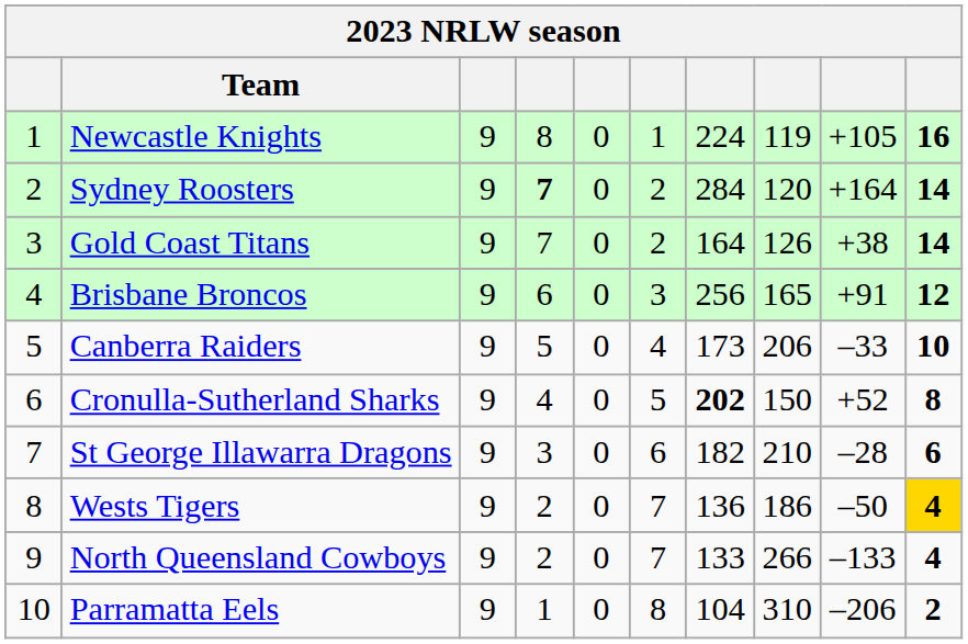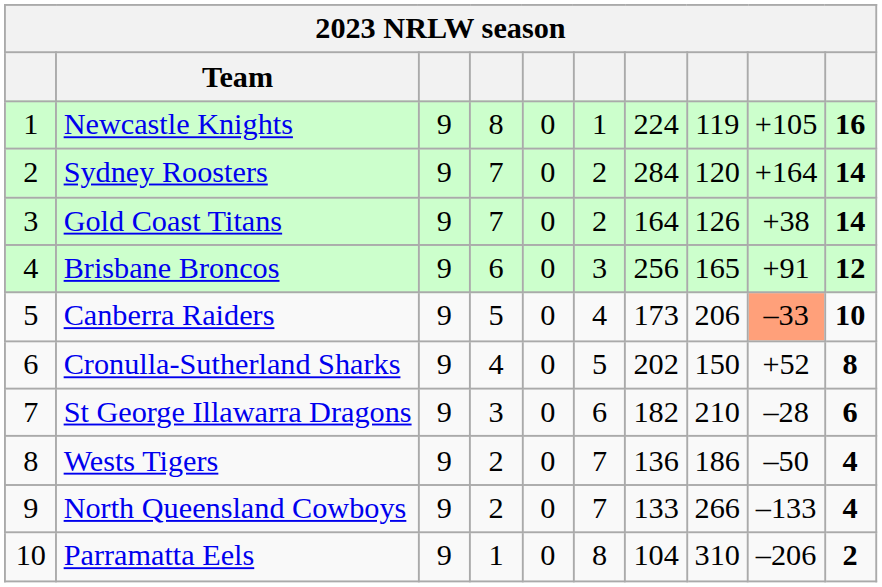 <table class="wikitable" style="text-align:center;">
 <tr>
 <th colspan="11">2023 NRLW season</th>
 </tr>
 <tr>
 <th width="20"></th>
 <th>Team</th>
 <th width="20"></th>
 <th width="20"></th>
 <th width="20"></th>
 <th width="20"></th>
 <th width="25"></th>
 <th width="25"></th>
 <th width="30"></th>
 <th width="20"></th>
 </tr>
 <tr style="background: #ccffcc;">
 <td>1</td>
 <td align=left> <a href='#'>Newcastle Knights</a></td>
 <td>9</td>
 <td>8</td>
 <td>0</td>
 <td>1</td>
 <td>224</td>
 <td>119</td>
 <td>+105</td>
 <td><strong>16</strong></td>
 </tr>
 <tr style="background: #ccffcc;">
 <td>2</td>
 <td align=left> <a href='#'>Sydney Roosters</a></td>
 <td>9</td>
-<td><strong>7</strong></td>
+<td>7</td>
 <td>0</td>
 <td>2</td>
 <td>284</td>
 <td>120</td>
 <td>+164</td>
 <td><strong>14</strong></td>
 </tr>
 <tr style="background: #ccffcc;">
 <td>3</td>
 <td align=left> <a href='#'>Gold Coast Titans</a></td>
 <td>9</td>
 <td>7</td>
 <td>0</td>
 <td>2</td>
 <td>164</td>
 <td>126</td>
 <td>+38</td>
 <td><strong>14</strong></td>
 </tr>
 <tr style="background: #ccffcc;">
 <td>4</td>
 <td align=left> <a href='#'>Brisbane Broncos</a></td>
 <td>9</td>
 <td>6</td>
 <td>0</td>
 <td>3</td>
 <td>256</td>
 <td>165</td>
 <td>+91</td>
 <td><strong>12</strong></td>
 </tr>
 <tr>
 <td>5</td>
 <td align=left> <a href='#'>Canberra Raiders</a></td>
 <td>9</td>
 <td>5</td>
 <td>0</td>
 <td>4</td>
 <td>173</td>
 <td>206</td>
-<td>–33</td>
+<td style="background: lightsalmon;">–33</td>
 <td><strong>10</strong></td>
 </tr>
 <tr>
 <td>6</td>
 <td align=left> <a href='#'>Cronulla-Sutherland Sharks</a></td>
 <td>9</td>
 <td>4</td>
 <td>0</td>
 <td>5</td>
-<td><strong>202</strong></td>
+<td>202</td>
 <td>150</td>
 <td>+52</td>
 <td><strong>8</strong></td>
 </tr>
 <tr>
 <td>7</td>
 <td align=left> <a href='#'>St George Illawarra Dragons</a></td>
 <td>9</td>
 <td>3</td>
 <td>0</td>
 <td>6</td>
 <td>182</td>
 <td>210</td>
 <td>–28</td>
 <td><strong>6</strong></td>
 </tr>
 <tr>
 <td>8</td>
 <td align=left> <a href='#'>Wests Tigers</a></td>
 <td>9</td>
 <td>2</td>
 <td>0</td>
 <td>7</td>
 <td>136</td>
 <td>186</td>
 <td>–50</td>
-<td style="background: gold;"><strong>4</strong></td>
+<td><strong>4</strong></td>
 </tr>
 <tr>
 <td>9</td>
 <td align=left> <a href='#'>North Queensland Cowboys</a></td>
 <td>9</td>
 <td>2</td>
 <td>0</td>
 <td>7</td>
 <td>133</td>
 <td>266</td>
 <td>–133</td>
 <td><strong>4</strong></td>
 </tr>
 <tr>
 <td>10</td>
 <td align=left> <a href='#'>Parramatta Eels</a></td>
 <td>9</td>
 <td>1</td>
 <td>0</td>
 <td>8</td>
 <td>104</td>
 <td>310</td>
 <td>–206</td>
 <td><strong>2</strong></td>
 </tr>
 </table>
